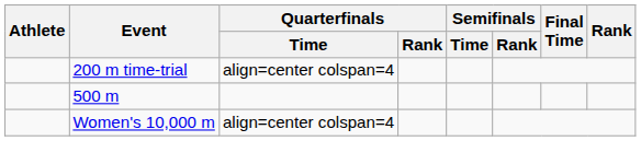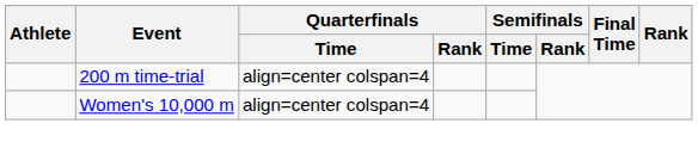 <table class=wikitable style="font-size:90%">
 <tr>
 <th rowspan=2>Athlete</th>
 <th rowspan=2>Event</th>
 <th colspan=2>Quarterfinals</th>
 <th colspan=2>Semifinals</th>
 <th rowspan=2>Final<br>Time</th>
 <th rowspan=2>Rank</th>
 </tr>
 <tr>
 <th>Time</th>
 <th>Rank</th>
 <th>Time</th>
 <th>Rank</th>
 </tr>
 <tr>
 <td></td>
 <td><a href='#'>200 m time-trial</a></td>
 <td>align=center colspan=4 </td>
 <td align=center></td>
 <td align=center></td>
 </tr>
 <tr>
 <td></td>
-<td><a href='#'>500 m</a></td>
-<td align=center></td>
-<td align=center></td>
-<td align=center></td>
-<td align=center></td>
-<td align=center></td>
-<td align=center></td>
-</tr>
-<tr>
-<td></td>
 <td><a href='#'>Women's 10,000 m</a></td>
 <td>align=center colspan=4 </td>
 <td align=center></td>
 <td align=center></td>
 </tr>
 </table>
